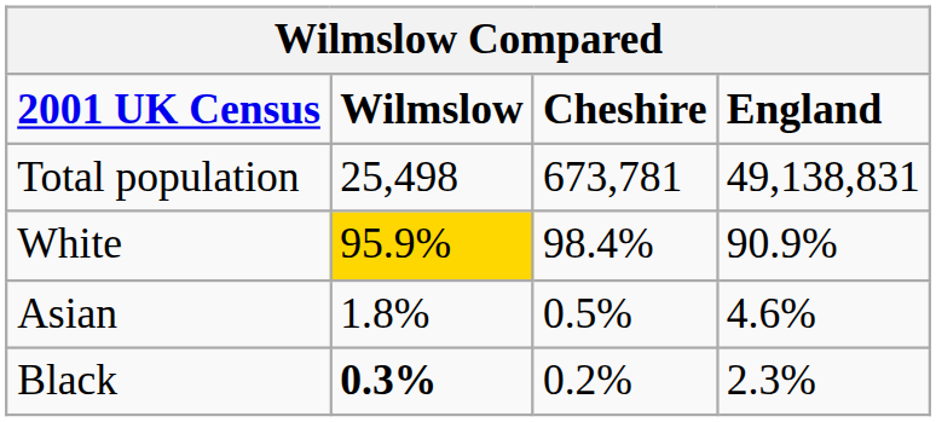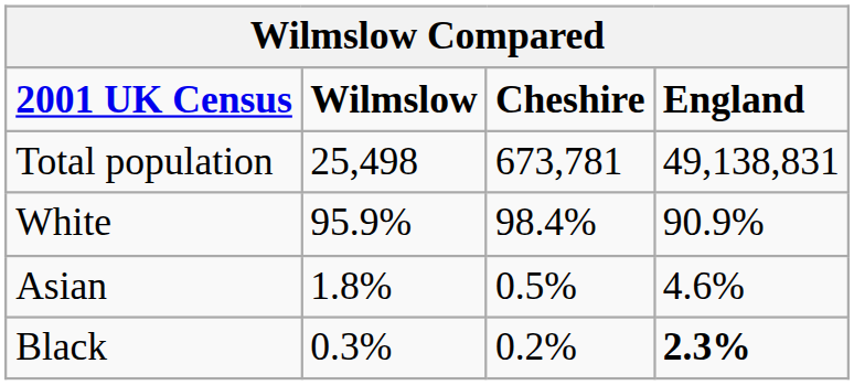 <table class="wikitable" style="float: right;">
 <tr>
 <th colspan="4"><strong>Wilmslow Compared</strong></th>
 </tr>
 <tr>
 <td><strong><a href='#'>2001 UK Census</a></strong></td>
 <td><strong>Wilmslow</strong></td>
 <td><strong>Cheshire</strong></td>
 <td><strong>England</strong></td>
 </tr>
 <tr>
 <td>Total population</td>
 <td>25,498</td>
 <td>673,781</td>
 <td>49,138,831</td>
 </tr>
 <tr>
 <td>White</td>
-<td style="background: gold;">95.9%</td>
+<td>95.9%</td>
 <td>98.4%</td>
 <td>90.9%</td>
 </tr>
 <tr>
 <td>Asian</td>
 <td>1.8%</td>
 <td>0.5%</td>
 <td>4.6%</td>
 </tr>
 <tr>
 <td>Black</td>
-<td><strong>0.3%</strong></td>
+<td>0.3%</td>
 <td>0.2%</td>
-<td>2.3%</td>
+<td><strong>2.3%</strong></td>
 </tr>
 </table>
